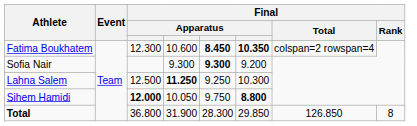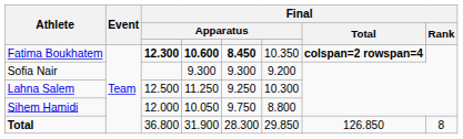 <table class=wikitable style=font-size:90%;text-align:center>
 <tr>
 <th rowspan=3>Athlete</th>
 <th rowspan=3>Event</th>
 <th colspan=6>Final</th>
 </tr>
 <tr style=font-size:95%>
 <th colspan=4>Apparatus</th>
 <th rowspan=2>Total</th>
 <th rowspan=2>Rank</th>
 </tr>
 <tr style=font-size:95%>
 <th></th>
 <th></th>
 <th></th>
 <th></th>
 </tr>
 <tr>
 <td align=left><a href='#'>Fatima Boukhatem</a></td>
 <td align=left rowspan=5><a href='#'>Team</a></td>
-<td>12.300</td>
-<td>10.600</td>
+<td><strong>12.300</strong></td>
+<td><strong>10.600</strong></td>
 <td><strong>8.450</strong></td>
-<td><strong>10.350</strong></td>
-<td>colspan=2 rowspan=4 </td>
+<td>10.350</td>
+<td><strong>colspan=2 rowspan=4 </strong></td>
 </tr>
 <tr>
 <td align=left>Sofia Nair</td>
 <td></td>
 <td>9.300</td>
-<td><strong>9.300</strong></td>
+<td>9.300</td>
 <td>9.200</td>
 </tr>
 <tr>
 <td align=left><a href='#'>Lahna Salem</a></td>
 <td>12.500</td>
-<td><strong>11.250</strong></td>
+<td>11.250</td>
 <td>9.250</td>
 <td>10.300</td>
 </tr>
 <tr>
 <td align=left><a href='#'>Sihem Hamidi</a></td>
-<td><strong>12.000</strong></td>
+<td>12.000</td>
 <td>10.050</td>
 <td>9.750</td>
-<td><strong>8.800</strong></td>
+<td>8.800</td>
 </tr>
 <tr>
 <td align=left><strong>Total</strong></td>
 <td>36.800</td>
 <td>31.900</td>
 <td>28.300</td>
 <td>29.850</td>
 <td>126.850</td>
 <td>8</td>
 </tr>
 </table>
